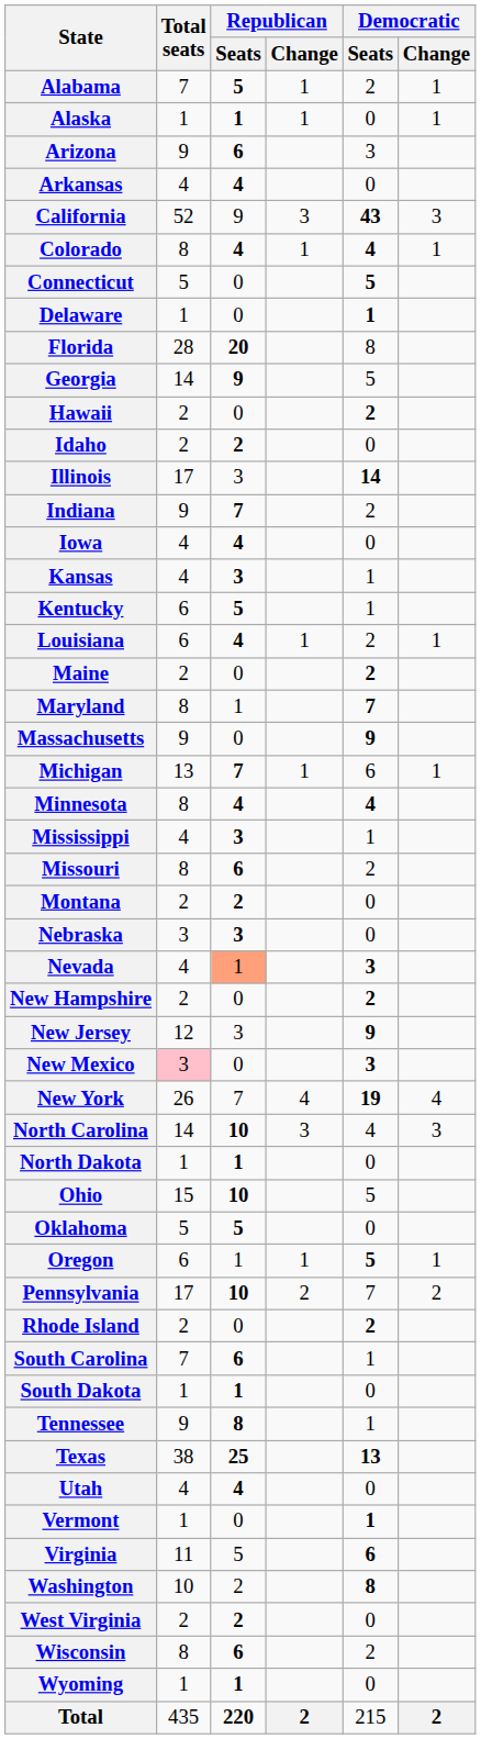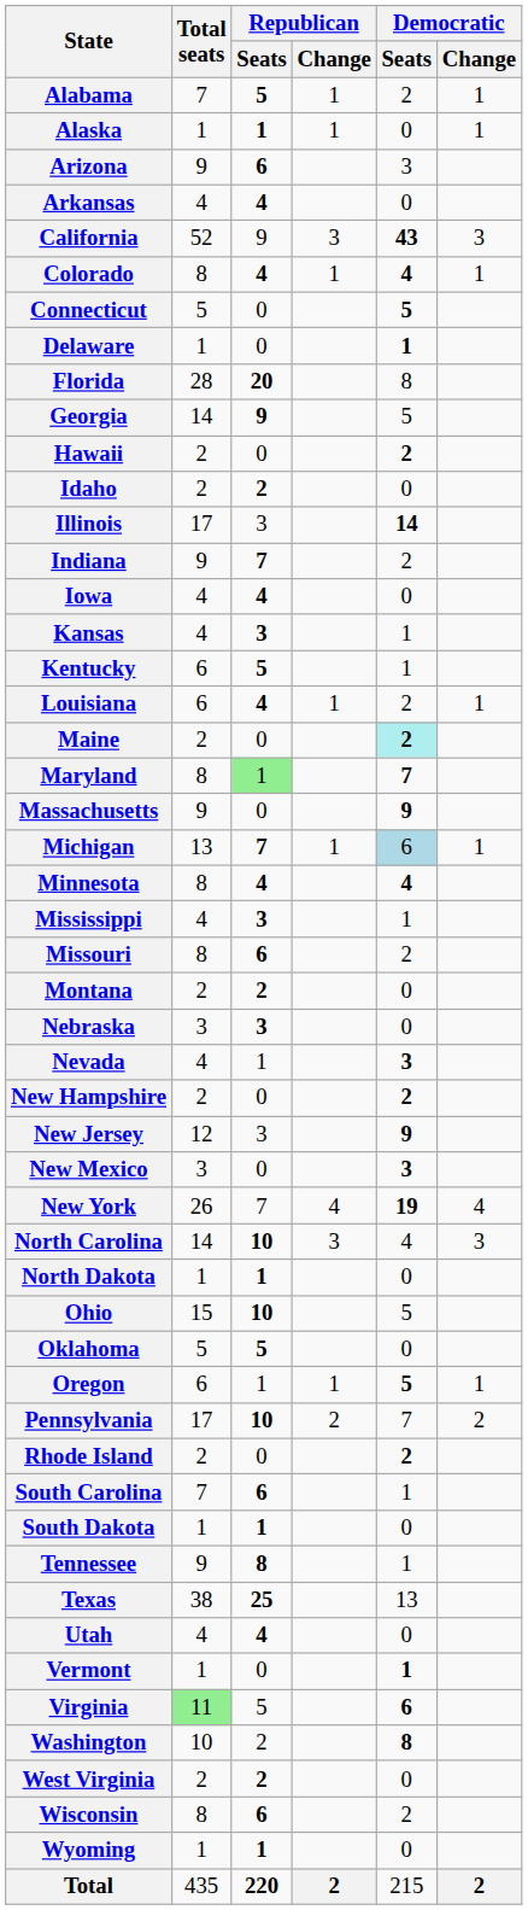 <table class="wikitable sortable" style="text-align:center">
 <tr>
 <th rowspan="2">State</th>
 <th rowspan="2">Total<br>seats</th>
 <th colspan="2" ><a href='#'>Republican</a></th>
 <th colspan="2" ><a href='#'>Democratic</a></th>
 </tr>
 <tr>
 <th>Seats</th>
 <th>Change</th>
 <th>Seats</th>
 <th>Change</th>
 </tr>
 <tr>
 <th><a href='#'>Alabama</a></th>
 <td>7</td>
 <td><strong>5</strong></td>
 <td> 1</td>
 <td>2</td>
 <td> 1</td>
 </tr>
 <tr>
 <th><a href='#'>Alaska</a></th>
 <td>1</td>
 <td><strong>1</strong></td>
 <td> 1</td>
 <td>0</td>
 <td> 1</td>
 </tr>
 <tr>
 <th><a href='#'>Arizona</a></th>
 <td>9</td>
 <td><strong>6</strong></td>
 <td></td>
 <td>3</td>
 <td></td>
 </tr>
 <tr>
 <th><a href='#'>Arkansas</a></th>
 <td>4</td>
 <td><strong>4</strong></td>
 <td></td>
 <td>0</td>
 <td></td>
 </tr>
 <tr>
 <th><a href='#'>California</a></th>
 <td>52</td>
 <td>9</td>
 <td> 3</td>
 <td><strong>43</strong></td>
 <td> 3</td>
 </tr>
 <tr>
 <th><a href='#'>Colorado</a></th>
 <td>8</td>
 <td><strong>4</strong></td>
 <td> 1</td>
 <td><strong>4</strong></td>
 <td> 1</td>
 </tr>
 <tr>
 <th><a href='#'>Connecticut</a></th>
 <td>5</td>
 <td>0</td>
 <td></td>
 <td><strong>5</strong></td>
 <td></td>
 </tr>
 <tr>
 <th><a href='#'>Delaware</a></th>
 <td>1</td>
 <td>0</td>
 <td></td>
 <td><strong>1</strong></td>
 <td></td>
 </tr>
 <tr>
 <th><a href='#'>Florida</a></th>
 <td>28</td>
 <td><strong>20</strong></td>
 <td></td>
 <td>8</td>
 <td></td>
 </tr>
 <tr>
 <th><a href='#'>Georgia</a></th>
 <td>14</td>
 <td><strong>9</strong></td>
 <td></td>
 <td>5</td>
 <td></td>
 </tr>
 <tr>
 <th><a href='#'>Hawaii</a></th>
 <td>2</td>
 <td>0</td>
 <td></td>
 <td><strong>2</strong></td>
 <td></td>
 </tr>
 <tr>
 <th><a href='#'>Idaho</a></th>
 <td>2</td>
 <td><strong>2</strong></td>
 <td></td>
 <td>0</td>
 <td></td>
 </tr>
 <tr>
 <th><a href='#'>Illinois</a></th>
 <td>17</td>
 <td>3</td>
 <td></td>
 <td><strong>14</strong></td>
 <td></td>
 </tr>
 <tr>
 <th><a href='#'>Indiana</a></th>
 <td>9</td>
 <td><strong>7</strong></td>
 <td></td>
 <td>2</td>
 <td></td>
 </tr>
 <tr>
 <th><a href='#'>Iowa</a></th>
 <td>4</td>
 <td><strong>4</strong></td>
 <td></td>
 <td>0</td>
 <td></td>
 </tr>
 <tr>
 <th><a href='#'>Kansas</a></th>
 <td>4</td>
 <td><strong>3</strong></td>
 <td></td>
 <td>1</td>
 <td></td>
 </tr>
 <tr>
 <th><a href='#'>Kentucky</a></th>
 <td>6</td>
 <td><strong>5</strong></td>
 <td></td>
 <td>1</td>
 <td></td>
 </tr>
 <tr>
 <th><a href='#'>Louisiana</a></th>
 <td>6</td>
 <td><strong>4</strong></td>
 <td> 1</td>
 <td>2</td>
 <td> 1</td>
 </tr>
 <tr>
 <th><a href='#'>Maine</a></th>
 <td>2</td>
 <td>0</td>
 <td></td>
-<td><strong>2</strong></td>
+<td style="background: paleturquoise;"><strong>2</strong></td>
 <td></td>
 </tr>
 <tr>
 <th><a href='#'>Maryland</a></th>
 <td>8</td>
-<td>1</td>
+<td style="background: lightgreen;">1</td>
 <td></td>
 <td><strong>7</strong></td>
 <td></td>
 </tr>
 <tr>
 <th><a href='#'>Massachusetts</a></th>
 <td>9</td>
 <td>0</td>
 <td></td>
 <td><strong>9</strong></td>
 <td></td>
 </tr>
 <tr>
 <th><a href='#'>Michigan</a></th>
 <td>13</td>
 <td><strong>7</strong></td>
 <td> 1</td>
-<td>6</td>
+<td style="background: lightblue;">6</td>
 <td> 1</td>
 </tr>
 <tr>
 <th><a href='#'>Minnesota</a></th>
 <td>8</td>
 <td><strong>4</strong></td>
 <td></td>
 <td><strong>4</strong></td>
 <td></td>
 </tr>
 <tr>
 <th><a href='#'>Mississippi</a></th>
 <td>4</td>
 <td><strong>3</strong></td>
 <td></td>
 <td>1</td>
 <td></td>
 </tr>
 <tr>
 <th><a href='#'>Missouri</a></th>
 <td>8</td>
 <td><strong>6</strong></td>
 <td></td>
 <td>2</td>
 <td></td>
 </tr>
 <tr>
 <th><a href='#'>Montana</a></th>
 <td>2</td>
 <td><strong>2</strong></td>
 <td></td>
 <td>0</td>
 <td></td>
 </tr>
 <tr>
 <th><a href='#'>Nebraska</a></th>
 <td>3</td>
 <td><strong>3</strong></td>
 <td></td>
 <td>0</td>
 <td></td>
 </tr>
 <tr>
 <th><a href='#'>Nevada</a></th>
 <td>4</td>
-<td style="background: lightsalmon;">1</td>
+<td>1</td>
 <td></td>
 <td><strong>3</strong></td>
 <td></td>
 </tr>
 <tr>
 <th><a href='#'>New Hampshire</a></th>
 <td>2</td>
 <td>0</td>
 <td></td>
 <td><strong>2</strong></td>
 <td></td>
 </tr>
 <tr>
 <th><a href='#'>New Jersey</a></th>
 <td>12</td>
 <td>3</td>
 <td></td>
 <td><strong>9</strong></td>
 <td></td>
 </tr>
 <tr>
 <th><a href='#'>New Mexico</a></th>
-<td style="background: pink;">3</td>
+<td>3</td>
 <td>0</td>
 <td></td>
 <td><strong>3</strong></td>
 <td></td>
 </tr>
 <tr>
 <th><a href='#'>New York</a></th>
 <td>26</td>
 <td>7</td>
 <td> 4</td>
 <td><strong>19</strong></td>
 <td> 4</td>
 </tr>
 <tr>
 <th><a href='#'>North Carolina</a></th>
 <td>14</td>
 <td><strong>10</strong></td>
 <td> 3</td>
 <td>4</td>
 <td> 3</td>
 </tr>
 <tr>
 <th><a href='#'>North Dakota</a></th>
 <td>1</td>
 <td><strong>1</strong></td>
 <td></td>
 <td>0</td>
 <td></td>
 </tr>
 <tr>
 <th><a href='#'>Ohio</a></th>
 <td>15</td>
 <td><strong>10</strong></td>
 <td></td>
 <td>5</td>
 <td></td>
 </tr>
 <tr>
 <th><a href='#'>Oklahoma</a></th>
 <td>5</td>
 <td><strong>5</strong></td>
 <td></td>
 <td>0</td>
 <td></td>
 </tr>
 <tr>
 <th><a href='#'>Oregon</a></th>
 <td>6</td>
 <td>1</td>
 <td> 1</td>
 <td><strong>5</strong></td>
 <td> 1</td>
 </tr>
 <tr>
 <th><a href='#'>Pennsylvania</a></th>
 <td>17</td>
 <td><strong>10</strong></td>
 <td> 2</td>
 <td>7</td>
 <td> 2</td>
 </tr>
 <tr>
 <th><a href='#'>Rhode Island</a></th>
 <td>2</td>
 <td>0</td>
 <td></td>
 <td><strong>2</strong></td>
 <td></td>
 </tr>
 <tr>
 <th><a href='#'>South Carolina</a></th>
 <td>7</td>
 <td><strong>6</strong></td>
 <td></td>
 <td>1</td>
 <td></td>
 </tr>
 <tr>
 <th><a href='#'>South Dakota</a></th>
 <td>1</td>
 <td><strong>1</strong></td>
 <td></td>
 <td>0</td>
 <td></td>
 </tr>
 <tr>
 <th><a href='#'>Tennessee</a></th>
 <td>9</td>
 <td><strong>8</strong></td>
 <td></td>
 <td>1</td>
 <td></td>
 </tr>
 <tr>
 <th><a href='#'>Texas</a></th>
 <td>38</td>
 <td><strong>25</strong></td>
 <td></td>
-<td><strong>13</strong></td>
+<td>13</td>
 <td></td>
 </tr>
 <tr>
 <th><a href='#'>Utah</a></th>
 <td>4</td>
 <td><strong>4</strong></td>
 <td></td>
 <td>0</td>
 <td></td>
 </tr>
 <tr>
 <th><a href='#'>Vermont</a></th>
 <td>1</td>
 <td>0</td>
 <td></td>
 <td><strong>1</strong></td>
 <td></td>
 </tr>
 <tr>
 <th><a href='#'>Virginia</a></th>
-<td>11</td>
+<td style="background: lightgreen;">11</td>
 <td>5</td>
 <td></td>
 <td><strong>6</strong></td>
 <td></td>
 </tr>
 <tr>
 <th><a href='#'>Washington</a></th>
 <td>10</td>
 <td>2</td>
 <td></td>
 <td><strong>8</strong></td>
 <td></td>
 </tr>
 <tr>
 <th><a href='#'>West Virginia</a></th>
 <td>2</td>
 <td><strong>2</strong></td>
 <td></td>
 <td>0</td>
 <td></td>
 </tr>
 <tr>
 <th><a href='#'>Wisconsin</a></th>
 <td>8</td>
 <td><strong>6</strong></td>
 <td></td>
 <td>2</td>
 <td></td>
 </tr>
 <tr>
 <th><a href='#'>Wyoming</a></th>
 <td>1</td>
 <td><strong>1</strong></td>
 <td></td>
 <td>0</td>
 <td></td>
 </tr>
 <tr class="sortbottom">
 <th>Total</th>
 <td>435</td>
 <td><strong>220</strong></td>
 <th> 2</th>
 <td>215</td>
 <th> 2</th>
 </tr>
 </table>
